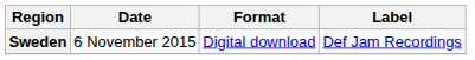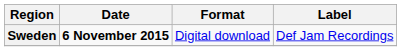 <table class="wikitable sortable plainrowheaders" style="text-align:center;">
 <tr>
 <th>Region</th>
 <th>Date</th>
 <th>Format</th>
 <th>Label</th>
 </tr>
 <tr>
 <th scope="row">Sweden</th>
-<td>6 November 2015</td>
+<td><strong>6 November 2015</strong></td>
 <td><a href='#'>Digital download</a></td>
 <td><a href='#'>Def Jam Recordings</a></td>
 </tr>
 <tr>
 </tr>
 </table>
